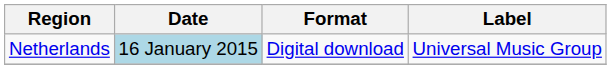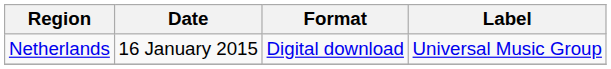 <table class=wikitable>
 <tr>
 <th>Region</th>
 <th>Date</th>
 <th>Format</th>
 <th>Label</th>
 </tr>
 <tr>
 <td><a href='#'>Netherlands</a></td>
-<td style="background: lightblue;">16 January 2015</td>
+<td>16 January 2015</td>
 <td><a href='#'>Digital download</a></td>
 <td><a href='#'>Universal Music Group</a></td>
 </tr>
 <tr>
 </tr>
 </table>
